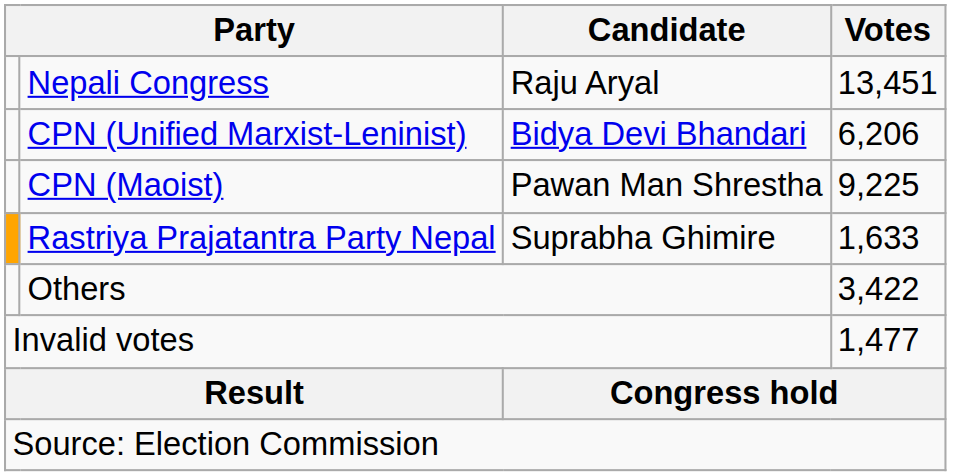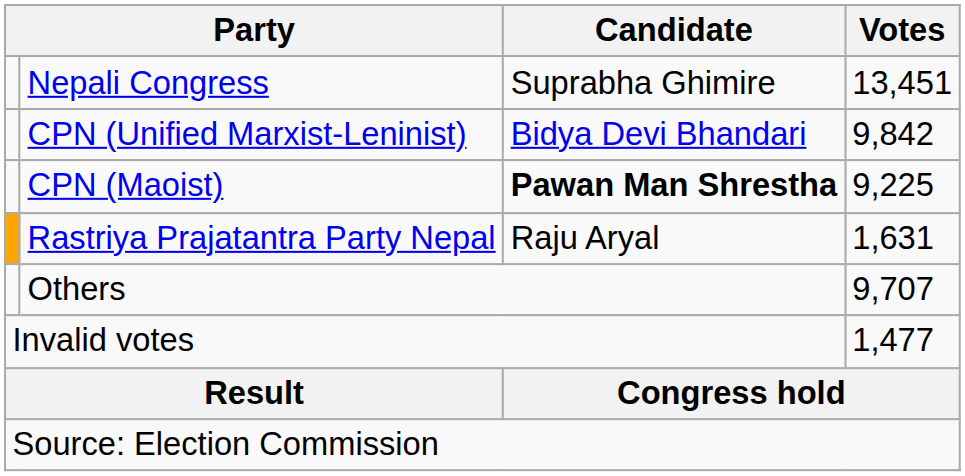 <table class="wikitable">
 <tr>
 <th colspan="2">Party</th>
 <th>Candidate</th>
 <th>Votes</th>
 </tr>
 <tr>
 <td style="background-color:"></td>
 <td><a href='#'>Nepali Congress</a></td>
-<td>Raju Aryal</td>
+<td>Suprabha Ghimire</td>
 <td>13,451</td>
 </tr>
 <tr>
 <td style="background-color:"></td>
 <td><a href='#'>CPN (Unified Marxist-Leninist)</a></td>
 <td><a href='#'>Bidya Devi Bhandari</a></td>
-<td>6,206</td>
+<td>9,842</td>
 </tr>
 <tr>
 <td style="background-color:"></td>
 <td><a href='#'>CPN (Maoist)</a></td>
-<td>Pawan Man Shrestha</td>
+<td><strong>Pawan Man Shrestha</strong></td>
 <td>9,225</td>
 </tr>
 <tr>
 <td style="background-color:orange"></td>
 <td><a href='#'>Rastriya Prajatantra Party Nepal</a></td>
-<td>Suprabha Ghimire</td>
-<td>1,633</td>
+<td>Raju Aryal</td>
+<td>1,631</td>
 </tr>
 <tr>
 <td></td>
 <td colspan="2">Others</td>
-<td>3,422</td>
+<td>9,707</td>
 </tr>
 <tr>
 <td colspan="3">Invalid votes</td>
 <td>1,477</td>
 </tr>
 <tr>
 <th colspan="2">Result</th>
 <th colspan="2">Congress hold</th>
 </tr>
 <tr>
 <td colspan="4">Source: Election Commission</td>
 </tr>
 </table>
